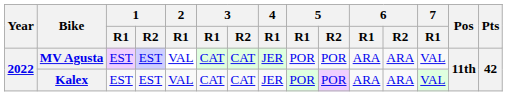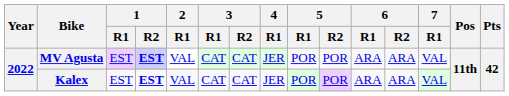 <table class="wikitable" style="text-align:center; font-size:90%">
 <tr>
 <th valign="middle" rowspan=2>Year</th>
 <th valign="middle" rowspan=2>Bike</th>
 <th colspan=2>1</th>
 <th colspan=1>2</th>
 <th colspan=2>3</th>
 <th colspan=1>4</th>
 <th colspan=2>5</th>
 <th colspan=2>6</th>
 <th colspan=1>7</th>
 <th rowspan=2>Pos</th>
 <th rowspan=2>Pts</th>
 </tr>
 <tr>
 <th>R1</th>
 <th>R2</th>
 <th>R1</th>
 <th>R1</th>
 <th>R2</th>
 <th>R1</th>
 <th>R1</th>
 <th>R2</th>
 <th>R1</th>
 <th>R2</th>
 <th>R1</th>
 </tr>
 <tr>
 <th rowspan=2><a href='#'>2022</a></th>
 <th><a href='#'>MV Agusta</a></th>
 <td style="background:#efcfff;"><a href='#'>EST</a><br></td>
-<td style="background:#cfcfff;"><a href='#'>EST</a><br></td>
+<td style="background:#cfcfff;"><strong><a href='#'>EST</a><br></strong></td>
 <td style="background:#ffffff;"><a href='#'>VAL</a><br></td>
 <td style="background:#dfffdf;"><a href='#'>CAT</a><br></td>
 <td style="background:#dfffdf;"><a href='#'>CAT</a><br></td>
 <td style="background:#dfffdf;"><a href='#'>JER</a><br></td>
 <td style="background:#;"><a href='#'>POR</a><br></td>
 <td style="background:#;"><a href='#'>POR</a><br></td>
 <td style="background:#;"><a href='#'>ARA</a><br></td>
 <td style="background:#;"><a href='#'>ARA</a><br></td>
 <td style="background:#;"><a href='#'>VAL</a><br></td>
 <th rowspan=2 style="background:#;">11th</th>
 <th rowspan=2 style="background:#;">42</th>
 </tr>
 <tr>
 <th><a href='#'>Kalex</a></th>
 <td style="background:#;"><a href='#'>EST</a><br></td>
-<td style="background:#;"><a href='#'>EST</a><br></td>
+<td style="background:#;"><strong><a href='#'>EST</a><br></strong></td>
 <td style="background:#;"><a href='#'>VAL</a><br></td>
 <td style="background:#;"><a href='#'>CAT</a><br></td>
 <td style="background:#;"><a href='#'>CAT</a><br></td>
 <td style="background:#;"><a href='#'>JER</a><br></td>
 <td style="background:#dfffdf;"><a href='#'>POR</a><br></td>
 <td style="background:#efcfff;"><a href='#'>POR</a><br></td>
 <td style="background:#;"><a href='#'>ARA</a><br></td>
 <td style="background:#;"><a href='#'>ARA</a><br></td>
 <td style="background:#dfffdf;"><a href='#'>VAL</a><br></td>
 </tr>
 </table>
